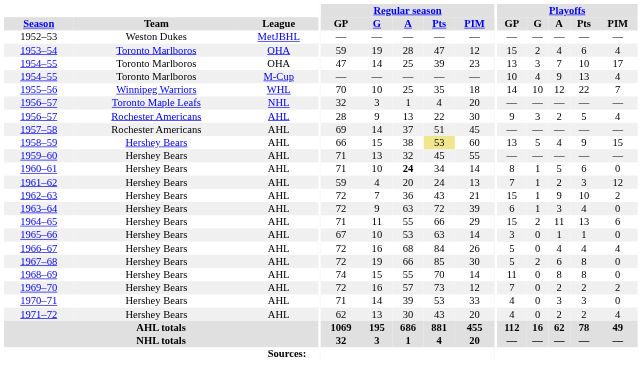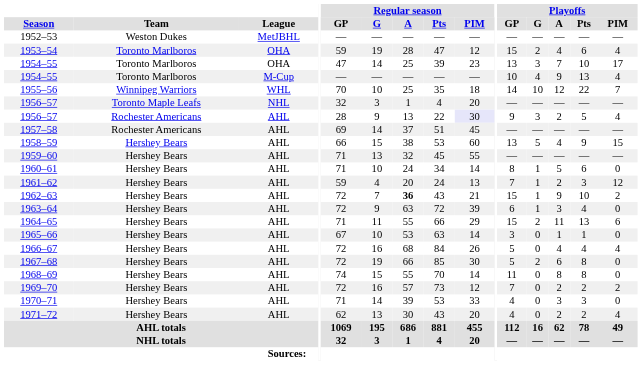 <table border="0" cellpadding="1" cellspacing="0" style="text-align:center; width:60em">
 <tr bgcolor="#e0e0e0">
 <th colspan="3" bgcolor="#ffffff"></th>
 <th rowspan="100" bgcolor="#ffffff"></th>
 <th colspan="5"><a href='#'>Regular season</a></th>
 <th rowspan="100" bgcolor="#ffffff"></th>
 <th colspan="5"><a href='#'>Playoffs</a></th>
 </tr>
 <tr bgcolor="#e0e0e0">
 <th><a href='#'>Season</a></th>
 <th>Team</th>
 <th>League</th>
 <th>GP</th>
 <th><a href='#'>G</a></th>
 <th><a href='#'>A</a></th>
 <th><a href='#'>Pts</a></th>
 <th><a href='#'>PIM</a></th>
 <th>GP</th>
 <th>G</th>
 <th>A</th>
 <th>Pts</th>
 <th>PIM</th>
 </tr>
 <tr>
 <td>1952–53</td>
 <td>Weston Dukes</td>
 <td><a href='#'>MetJBHL</a></td>
 <td>—</td>
 <td>—</td>
 <td>—</td>
 <td>—</td>
 <td>—</td>
 <td>—</td>
 <td>—</td>
 <td>—</td>
 <td>—</td>
 <td>—</td>
 </tr>
 <tr bgcolor="#f0f0f0">
 <td><a href='#'>1953–54</a></td>
 <td><a href='#'>Toronto Marlboros</a></td>
 <td><a href='#'>OHA</a></td>
 <td>59</td>
 <td>19</td>
 <td>28</td>
 <td>47</td>
 <td>12</td>
 <td>15</td>
 <td>2</td>
 <td>4</td>
 <td>6</td>
 <td>4</td>
 </tr>
 <tr>
 <td><a href='#'>1954–55</a></td>
 <td>Toronto Marlboros</td>
 <td>OHA</td>
 <td>47</td>
 <td>14</td>
 <td>25</td>
 <td>39</td>
 <td>23</td>
 <td>13</td>
 <td>3</td>
 <td>7</td>
 <td>10</td>
 <td>17</td>
 </tr>
 <tr bgcolor="#f0f0f0">
 <td><a href='#'>1954–55</a></td>
 <td>Toronto Marlboros</td>
 <td><a href='#'>M-Cup</a></td>
 <td>—</td>
 <td>—</td>
 <td>—</td>
 <td>—</td>
 <td>—</td>
 <td>10</td>
 <td>4</td>
 <td>9</td>
 <td>13</td>
 <td>4</td>
 </tr>
 <tr>
 <td><a href='#'>1955–56</a></td>
 <td><a href='#'>Winnipeg Warriors</a></td>
 <td><a href='#'>WHL</a></td>
 <td>70</td>
 <td>10</td>
 <td>25</td>
 <td>35</td>
 <td>18</td>
 <td>14</td>
 <td>10</td>
 <td>12</td>
 <td>22</td>
 <td>7</td>
 </tr>
 <tr bgcolor="#f0f0f0">
 <td><a href='#'>1956–57</a></td>
 <td><a href='#'>Toronto Maple Leafs</a></td>
 <td><a href='#'>NHL</a></td>
 <td>32</td>
 <td>3</td>
 <td>1</td>
 <td>4</td>
 <td>20</td>
 <td>—</td>
 <td>—</td>
 <td>—</td>
 <td>—</td>
 <td>—</td>
 </tr>
 <tr>
 <td><a href='#'>1956–57</a></td>
 <td><a href='#'>Rochester Americans</a></td>
 <td><a href='#'>AHL</a></td>
 <td>28</td>
 <td>9</td>
 <td>13</td>
 <td>22</td>
-<td>30</td>
+<td style="background: lavender;">30</td>
 <td>9</td>
 <td>3</td>
 <td>2</td>
 <td>5</td>
 <td>4</td>
 </tr>
 <tr bgcolor="#f0f0f0">
 <td><a href='#'>1957–58</a></td>
 <td>Rochester Americans</td>
 <td>AHL</td>
 <td>69</td>
 <td>14</td>
 <td>37</td>
 <td>51</td>
 <td>45</td>
 <td>—</td>
 <td>—</td>
 <td>—</td>
 <td>—</td>
 <td>—</td>
 </tr>
 <tr>
 <td><a href='#'>1958–59</a></td>
 <td><a href='#'>Hershey Bears</a></td>
 <td>AHL</td>
 <td>66</td>
 <td>15</td>
 <td>38</td>
-<td style="background: khaki;">53</td>
+<td>53</td>
 <td>60</td>
 <td>13</td>
 <td>5</td>
 <td>4</td>
 <td>9</td>
 <td>15</td>
 </tr>
 <tr bgcolor="#f0f0f0">
 <td><a href='#'>1959–60</a></td>
 <td>Hershey Bears</td>
 <td>AHL</td>
 <td>71</td>
 <td>13</td>
 <td>32</td>
 <td>45</td>
 <td>55</td>
 <td>—</td>
 <td>—</td>
 <td>—</td>
 <td>—</td>
 <td>—</td>
 </tr>
 <tr>
 <td><a href='#'>1960–61</a></td>
 <td>Hershey Bears</td>
 <td>AHL</td>
 <td>71</td>
 <td>10</td>
-<td><strong>24</strong></td>
+<td>24</td>
 <td>34</td>
 <td>14</td>
 <td>8</td>
 <td>1</td>
 <td>5</td>
 <td>6</td>
 <td>0</td>
 </tr>
 <tr bgcolor="#f0f0f0">
 <td><a href='#'>1961–62</a></td>
 <td>Hershey Bears</td>
 <td>AHL</td>
 <td>59</td>
 <td>4</td>
 <td>20</td>
 <td>24</td>
 <td>13</td>
 <td>7</td>
 <td>1</td>
 <td>2</td>
 <td>3</td>
 <td>12</td>
 </tr>
 <tr>
 <td><a href='#'>1962–63</a></td>
 <td>Hershey Bears</td>
 <td>AHL</td>
 <td>72</td>
 <td>7</td>
-<td>36</td>
+<td><strong>36</strong></td>
 <td>43</td>
 <td>21</td>
 <td>15</td>
 <td>1</td>
 <td>9</td>
 <td>10</td>
 <td>2</td>
 </tr>
 <tr bgcolor="#f0f0f0">
 <td><a href='#'>1963–64</a></td>
 <td>Hershey Bears</td>
 <td>AHL</td>
 <td>72</td>
 <td>9</td>
 <td>63</td>
 <td>72</td>
 <td>39</td>
 <td>6</td>
 <td>1</td>
 <td>3</td>
 <td>4</td>
 <td>0</td>
 </tr>
 <tr>
 <td><a href='#'>1964–65</a></td>
 <td>Hershey Bears</td>
 <td>AHL</td>
 <td>71</td>
 <td>11</td>
 <td>55</td>
 <td>66</td>
 <td>29</td>
 <td>15</td>
 <td>2</td>
 <td>11</td>
 <td>13</td>
 <td>6</td>
 </tr>
 <tr bgcolor="#f0f0f0">
 <td><a href='#'>1965–66</a></td>
 <td>Hershey Bears</td>
 <td>AHL</td>
 <td>67</td>
 <td>10</td>
 <td>53</td>
 <td>63</td>
 <td>14</td>
 <td>3</td>
 <td>0</td>
 <td>1</td>
 <td>1</td>
 <td>0</td>
 </tr>
 <tr>
 <td><a href='#'>1966–67</a></td>
 <td>Hershey Bears</td>
 <td>AHL</td>
 <td>72</td>
 <td>16</td>
 <td>68</td>
 <td>84</td>
 <td>26</td>
 <td>5</td>
 <td>0</td>
 <td>4</td>
 <td>4</td>
 <td>4</td>
 </tr>
 <tr bgcolor="#f0f0f0">
 <td><a href='#'>1967–68</a></td>
 <td>Hershey Bears</td>
 <td>AHL</td>
 <td>72</td>
 <td>19</td>
 <td>66</td>
 <td>85</td>
 <td>30</td>
 <td>5</td>
 <td>2</td>
 <td>6</td>
 <td>8</td>
 <td>0</td>
 </tr>
 <tr>
 <td><a href='#'>1968–69</a></td>
 <td>Hershey Bears</td>
 <td>AHL</td>
 <td>74</td>
 <td>15</td>
 <td>55</td>
 <td>70</td>
 <td>14</td>
 <td>11</td>
 <td>0</td>
 <td>8</td>
 <td>8</td>
 <td>0</td>
 </tr>
 <tr bgcolor="#f0f0f0">
 <td><a href='#'>1969–70</a></td>
 <td>Hershey Bears</td>
 <td>AHL</td>
 <td>72</td>
 <td>16</td>
 <td>57</td>
 <td>73</td>
 <td>12</td>
 <td>7</td>
 <td>0</td>
 <td>2</td>
 <td>2</td>
 <td>2</td>
 </tr>
 <tr>
 <td><a href='#'>1970–71</a></td>
 <td>Hershey Bears</td>
 <td>AHL</td>
 <td>71</td>
 <td>14</td>
 <td>39</td>
 <td>53</td>
 <td>33</td>
 <td>4</td>
 <td>0</td>
 <td>3</td>
 <td>3</td>
 <td>0</td>
 </tr>
 <tr bgcolor="#f0f0f0">
 <td><a href='#'>1971–72</a></td>
 <td>Hershey Bears</td>
 <td>AHL</td>
 <td>62</td>
 <td>13</td>
 <td>30</td>
 <td>43</td>
 <td>20</td>
 <td>4</td>
 <td>0</td>
 <td>2</td>
 <td>2</td>
 <td>4</td>
 </tr>
 <tr bgcolor="#e0e0e0">
 <th colspan="3">AHL totals</th>
 <th>1069</th>
 <th>195</th>
 <th>686</th>
 <th>881</th>
 <th>455</th>
 <th>112</th>
 <th>16</th>
 <th>62</th>
 <th>78</th>
 <th>49</th>
 </tr>
 <tr bgcolor="#e0e0e0">
 <th colspan="3">NHL totals</th>
 <th>32</th>
 <th>3</th>
 <th>1</th>
 <th>4</th>
 <th>20</th>
 <th>—</th>
 <th>—</th>
 <th>—</th>
 <th>—</th>
 <th>—</th>
 </tr>
 <tr>
 <td colspan="13" style="text-align: center;"><strong>Sources:</strong></td>
 </tr>
 </table>
